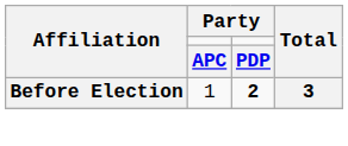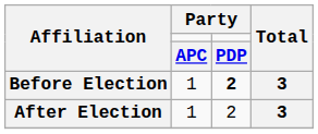 <table class="wikitable" style="text-align:center">
 <tr>
 <th rowspan="3">Affiliation</th>
 <th colspan="2">Party</th>
 <th rowspan="3">Total</th>
 </tr>
 <tr>
 <td style="background-color:"></td>
 <td style="background-color:"></td>
 </tr>
 <tr>
 <th><a href='#'>APC</a></th>
 <th><a href='#'>PDP</a></th>
 </tr>
 <tr>
 <th>Before Election</th>
 <td>1</td>
 <td><strong>2</strong></td>
 <th>3</th>
 </tr>
 <tr>
+<th>After Election</th>
+<td>1</td>
+<td>2</td>
+<th>3</th>
+</tr>
+<tr>
 </tr>
 </table>
